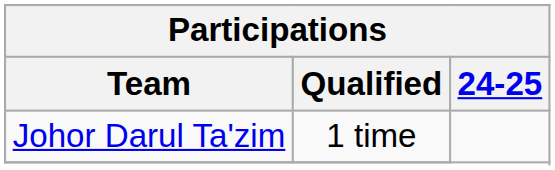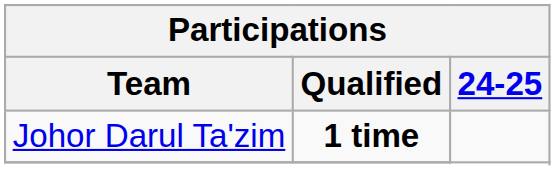 <table class="wikitable">
 <tr>
 <th colspan=3>Participations</th>
 </tr>
 <tr>
 <th>Team</th>
 <th>Qualified</th>
 <th><a href='#'>24-25</a></th>
 </tr>
 <tr align=center>
 <td align=left><a href='#'>Johor Darul Ta'zim</a></td>
-<td>1 time</td>
+<td><strong>1 time</strong></td>
 </tr>
 <tr>
 </tr>
 </table>
